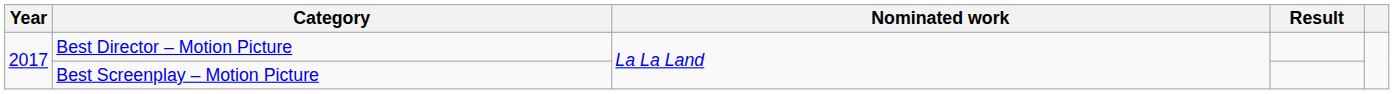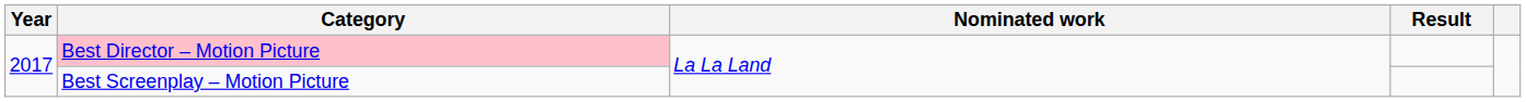 <table class=wikitable>
 <tr>
 <th scope="col" style="width:1em;">Year</th>
 <th scope="col" style="width:33em;">Category</th>
 <th scope="col" style="width:39em;">Nominated work</th>
 <th scope="col" style="width:5em;">Result</th>
 <th scope="col" style="width:1em;"></th>
 </tr>
 <tr>
 <td rowspan="2"><a href='#'>2017</a></td>
-<td><a href='#'>Best Director – Motion Picture</a></td>
+<td style="background: pink;"><a href='#'>Best Director – Motion Picture</a></td>
 <td rowspan="2"><em><a href='#'>La La Land</a></em></td>
 <td></td>
 <td rowspan="2"></td>
 </tr>
 <tr>
 <td><a href='#'>Best Screenplay – Motion Picture</a></td>
 <td></td>
 </tr>
 </table>
